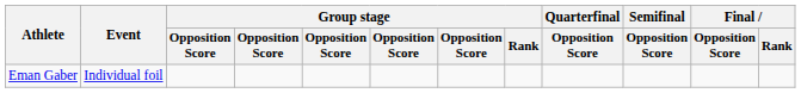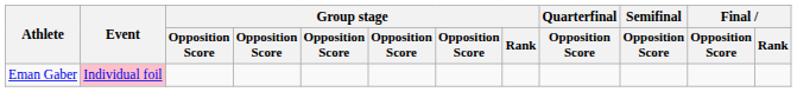 <table class=wikitable style="font-size:90%">
 <tr>
 <th rowspan=2>Athlete</th>
 <th rowspan=2>Event</th>
 <th colspan=6>Group stage</th>
 <th>Quarterfinal</th>
 <th>Semifinal</th>
 <th colspan=2>Final / </th>
 </tr>
 <tr style="font-size:95%">
 <th>Opposition<br>Score</th>
 <th>Opposition<br>Score</th>
 <th>Opposition<br>Score</th>
 <th>Opposition<br>Score</th>
 <th>Opposition<br>Score</th>
 <th>Rank</th>
 <th>Opposition<br>Score</th>
 <th>Opposition<br>Score</th>
 <th>Opposition<br>Score</th>
 <th>Rank</th>
 </tr>
 <tr align=center>
 <td align=left><a href='#'>Eman Gaber</a></td>
-<td align=left><a href='#'>Individual foil</a></td>
+<td align=left style="background: pink;"><a href='#'>Individual foil</a></td>
 <td></td>
 <td></td>
 <td></td>
 <td></td>
 <td></td>
 <td></td>
 <td></td>
 <td></td>
 <td></td>
 <td></td>
 </tr>
 </table>
